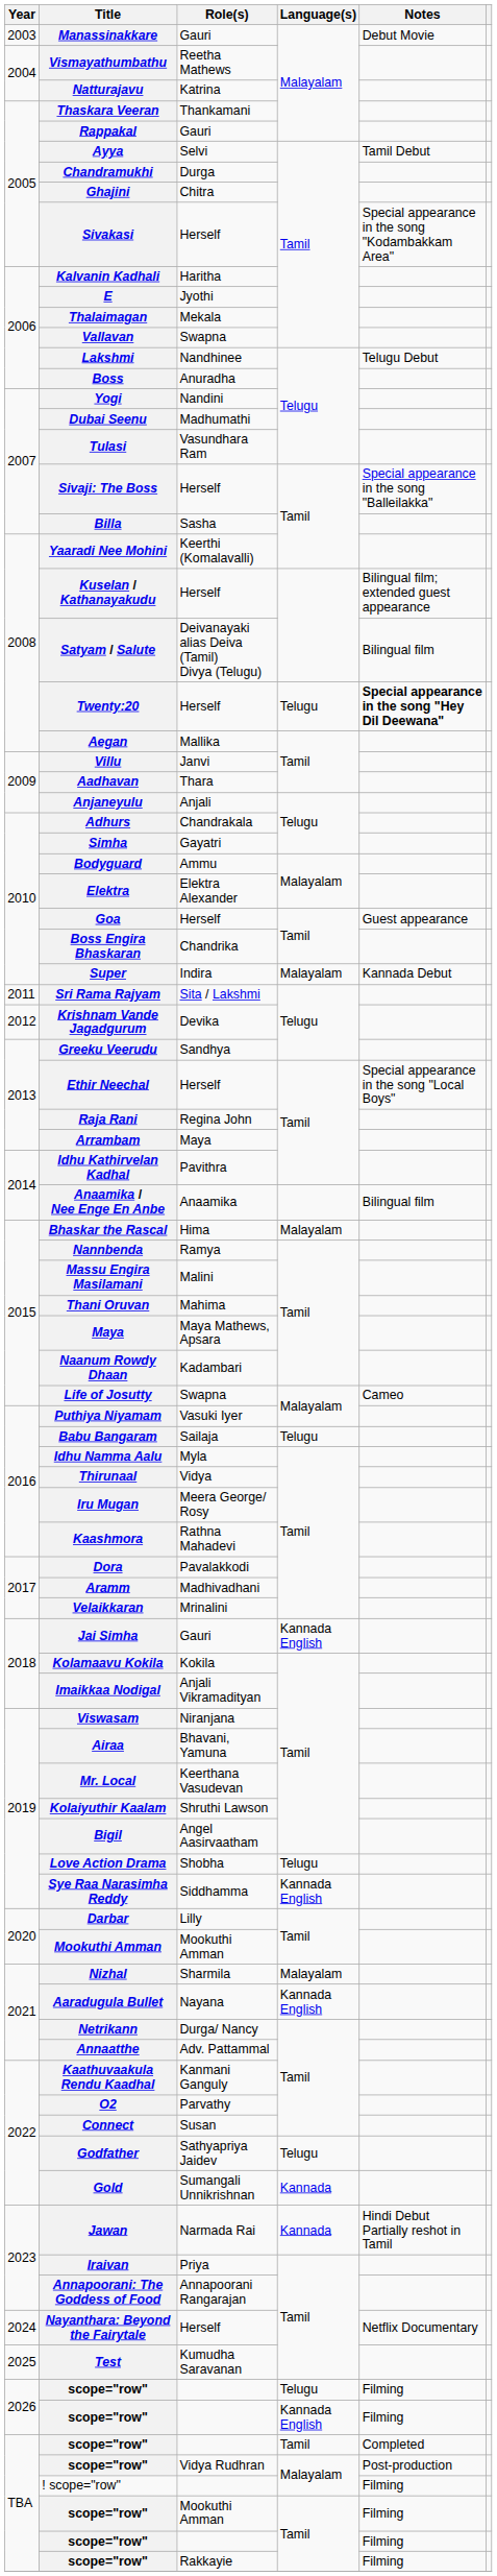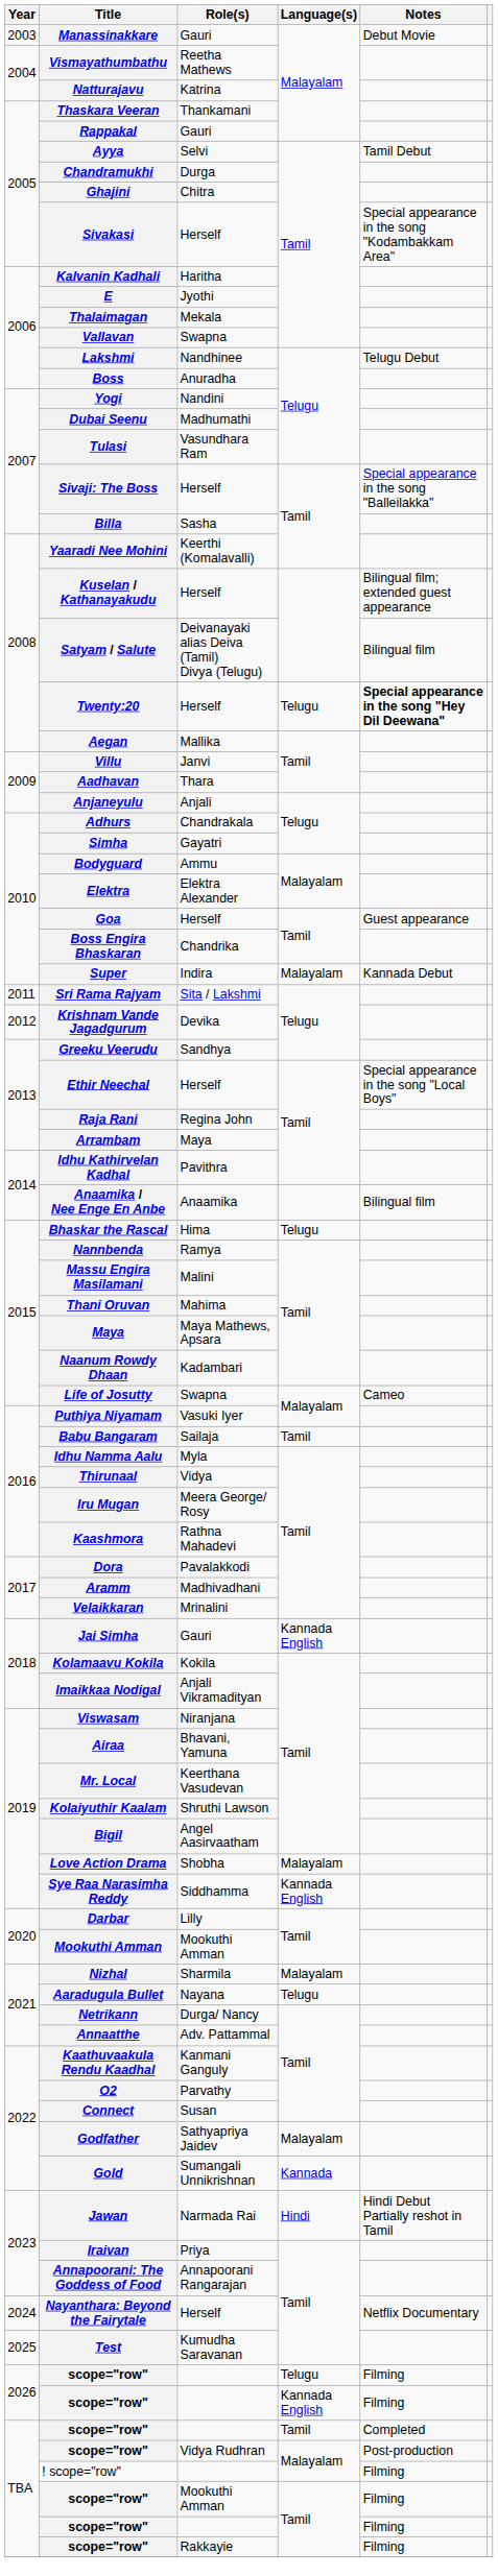 <table class="wikitable plainrowheaders sortable">
 <tr>
 <th scope="col">Year</th>
 <th scope="col">Title</th>
 <th scope="col">Role(s)</th>
 <th scope="col">Language(s)</th>
 <th scope="col" class="unsortable">Notes</th>
 <th scope="col" class="unsortable"></th>
 </tr>
 <tr>
 <td>2003</td>
 <th scope="row"><em><a href='#'>Manassinakkare</a></em></th>
 <td>Gauri</td>
 <td rowspan="5"><a href='#'>Malayalam</a></td>
 <td>Debut Movie</td>
 <td style="text-align: center;"></td>
 </tr>
 <tr>
 <td rowspan="2">2004</td>
 <th scope="row"><em><a href='#'>Vismayathumbathu</a></em></th>
 <td>Reetha Mathews</td>
 <td></td>
 <td style="text-align: center;"></td>
 </tr>
 <tr>
 <th scope="row"><em><a href='#'>Natturajavu</a></em></th>
 <td>Katrina</td>
 <td></td>
 <td style="text-align: center;"></td>
 </tr>
 <tr>
 <td rowspan="6">2005</td>
 <th scope="row"><em><a href='#'>Thaskara Veeran</a></em></th>
 <td>Thankamani</td>
 <td></td>
 <td style="text-align: center;"></td>
 </tr>
 <tr>
 <th scope="row"><em><a href='#'>Rappakal</a></em></th>
 <td>Gauri</td>
 <td></td>
 <td style="text-align: center;"></td>
 </tr>
 <tr>
 <th scope="row"><em><a href='#'>Ayya</a></em></th>
 <td>Selvi</td>
 <td rowspan="8"><a href='#'>Tamil</a></td>
 <td>Tamil Debut</td>
 <td style="text-align: center;"></td>
 </tr>
 <tr>
 <th scope="row"><em><a href='#'>Chandramukhi</a></em></th>
 <td>Durga</td>
 <td></td>
 <td style="text-align: center;"></td>
 </tr>
 <tr>
 <th scope="row"><em><a href='#'>Ghajini</a></em></th>
 <td>Chitra</td>
 <td></td>
 <td style="text-align: center;"></td>
 </tr>
 <tr>
 <th scope="row"><em><a href='#'>Sivakasi</a></em></th>
 <td>Herself</td>
 <td>Special appearance in the song "Kodambakkam Area"</td>
 <td style="text-align: center;"></td>
 </tr>
 <tr>
 <td rowspan="6">2006</td>
 <th scope="row"><em><a href='#'>Kalvanin Kadhali</a></em></th>
 <td>Haritha</td>
 <td></td>
 <td style="text-align: center;"></td>
 </tr>
 <tr>
 <th scope="row"><em><a href='#'>E</a></em></th>
 <td>Jyothi</td>
 <td></td>
 <td style="text-align: center;"></td>
 </tr>
 <tr>
 <th scope="row"><em><a href='#'>Thalaimagan</a></em></th>
 <td>Mekala</td>
 <td></td>
 <td style="text-align: center;"></td>
 </tr>
 <tr>
 <th scope="row"><em><a href='#'>Vallavan</a></em></th>
 <td>Swapna</td>
 <td></td>
 <td style="text-align: center;"></td>
 </tr>
 <tr>
 <th scope="row"><em><a href='#'>Lakshmi</a></em></th>
 <td>Nandhinee</td>
 <td rowspan="5"><a href='#'>Telugu</a></td>
 <td>Telugu Debut</td>
 <td style="text-align: center;"></td>
 </tr>
 <tr>
 <th scope="row"><em><a href='#'>Boss</a></em></th>
 <td>Anuradha</td>
 <td></td>
 <td style="text-align: center;"></td>
 </tr>
 <tr>
 <td rowspan="5">2007</td>
 <th scope="row"><em><a href='#'>Yogi</a></em></th>
 <td>Nandini</td>
 <td></td>
 <td style="text-align: center;"></td>
 </tr>
 <tr>
 <th scope="row"><em><a href='#'>Dubai Seenu</a></em></th>
 <td>Madhumathi</td>
 <td></td>
 <td style="text-align: center;"></td>
 </tr>
 <tr>
 <th scope="row"><em><a href='#'>Tulasi</a></em></th>
 <td>Vasundhara Ram</td>
 <td></td>
 <td style="text-align: center;"></td>
 </tr>
 <tr>
 <th scope="row"><em><a href='#'>Sivaji: The Boss</a></em></th>
 <td>Herself</td>
 <td rowspan="3">Tamil</td>
 <td><a href='#'>Special appearance</a> in the song "Balleilakka"</td>
 <td style="text-align: center;"></td>
 </tr>
 <tr>
 <th scope="row"><em><a href='#'>Billa</a></em></th>
 <td>Sasha</td>
 <td></td>
 <td style="text-align: center;"></td>
 </tr>
 <tr>
 <td rowspan="5">2008</td>
 <th scope="row"><em><a href='#'>Yaaradi Nee Mohini</a></em></th>
 <td>Keerthi (Komalavalli)</td>
 <td></td>
 <td style="text-align: center;"></td>
 </tr>
 <tr>
 <th scope="row"><em><a href='#'>Kuselan</a></em> / <em><a href='#'>Kathanayakudu</a></em></th>
 <td rowspan="1">Herself</td>
 <td rowspan="2"></td>
 <td rowspan="1">Bilingual film; extended guest appearance</td>
 <td rowspan="1" style="text-align: center;"></td>
 </tr>
 <tr>
 <th scope="row"><em><a href='#'>Satyam</a></em> / <em><a href='#'>Salute</a></em></th>
 <td>Deivanayaki alias Deiva (Tamil)<br>Divya (Telugu)</td>
 <td rowspan="1">Bilingual film</td>
 <td style="text-align: center;"></td>
 </tr>
 <tr>
 <th scope="row"><em><a href='#'>Twenty:20</a></em></th>
 <td>Herself</td>
 <td>Telugu</td>
 <td><strong>Special appearance in the song "Hey Dil Deewana"</strong></td>
 <td style="text-align: center;"></td>
 </tr>
 <tr>
 <th scope="row"><em><a href='#'>Aegan</a></em></th>
 <td>Mallika</td>
 <td rowspan="3">Tamil</td>
 <td></td>
 <td style="text-align: center;"></td>
 </tr>
 <tr>
 <td rowspan="3">2009</td>
 <th scope="row"><em><a href='#'>Villu</a></em></th>
 <td>Janvi</td>
 <td></td>
 <td style="text-align: center;"></td>
 </tr>
 <tr>
 <th scope="row"><em><a href='#'>Aadhavan</a></em></th>
 <td>Thara</td>
 <td></td>
 <td style="text-align: center;"></td>
 </tr>
 <tr>
 <th scope="row"><em><a href='#'>Anjaneyulu</a></em></th>
 <td>Anjali</td>
 <td rowspan="3">Telugu</td>
 <td></td>
 <td style="text-align: center;"></td>
 </tr>
 <tr>
 <td rowspan="7">2010</td>
 <th scope="row"><em><a href='#'>Adhurs</a></em></th>
 <td>Chandrakala</td>
 <td></td>
 <td style="text-align: center;"></td>
 </tr>
 <tr>
 <th scope="row"><em><a href='#'>Simha</a></em></th>
 <td>Gayatri</td>
 <td></td>
 <td style="text-align: center;"></td>
 </tr>
 <tr>
 <th scope="row"><em><a href='#'>Bodyguard</a></em></th>
 <td>Ammu</td>
 <td rowspan="2">Malayalam</td>
 <td></td>
 <td style="text-align: center;"></td>
 </tr>
 <tr>
 <th scope="row"><em><a href='#'>Elektra</a></em></th>
 <td>Elektra Alexander</td>
 <td></td>
 <td style="text-align: center;"></td>
 </tr>
 <tr>
 <th scope="row"><em><a href='#'>Goa</a></em></th>
 <td>Herself</td>
 <td rowspan="2">Tamil</td>
 <td>Guest appearance</td>
 <td style="text-align: center;"></td>
 </tr>
 <tr>
 <th scope="row"><em><a href='#'>Boss Engira Bhaskaran</a></em></th>
 <td>Chandrika</td>
 <td></td>
 <td style="text-align: center;"></td>
 </tr>
 <tr>
 <th scope="row"><em><a href='#'>Super</a></em></th>
 <td>Indira</td>
 <td>Malayalam</td>
 <td>Kannada Debut</td>
 <td style="text-align: center;"></td>
 </tr>
 <tr>
 <td>2011</td>
 <th scope="row"><em><a href='#'>Sri Rama Rajyam</a></em></th>
 <td><a href='#'>Sita</a> / <a href='#'>Lakshmi</a></td>
 <td rowspan="3">Telugu</td>
 <td></td>
 <td style="text-align: center;"></td>
 </tr>
 <tr>
 <td>2012</td>
 <th scope="row"><em><a href='#'>Krishnam Vande Jagadgurum</a></em></th>
 <td>Devika</td>
 <td></td>
 <td style="text-align: center;"></td>
 </tr>
 <tr>
 <td rowspan="4">2013</td>
 <th scope="row"><em><a href='#'>Greeku Veerudu</a></em></th>
 <td>Sandhya</td>
 <td></td>
 <td style="text-align: center;"></td>
 </tr>
 <tr>
 <th scope="row"><em><a href='#'>Ethir Neechal</a></em></th>
 <td>Herself</td>
 <td rowspan="4">Tamil</td>
 <td>Special appearance in the song "Local Boys"</td>
 <td style="text-align: center;"></td>
 </tr>
 <tr>
 <th scope="row"><em><a href='#'>Raja Rani</a></em></th>
 <td>Regina John</td>
 <td></td>
 <td style="text-align: center;"></td>
 </tr>
 <tr>
 <th scope="row"><em><a href='#'>Arrambam</a></em></th>
 <td>Maya</td>
 <td></td>
 <td style="text-align: center;"></td>
 </tr>
 <tr>
 <td rowspan="2">2014</td>
 <th scope="row"><em><a href='#'>Idhu Kathirvelan Kadhal</a></em></th>
 <td>Pavithra</td>
 <td></td>
 <td style="text-align: center;"></td>
 </tr>
 <tr>
 <th scope="row"><em><a href='#'>Anaamika</a></em>  /<br><em><a href='#'>Nee Enge En Anbe</a></em></th>
 <td rowspan="1">Anaamika</td>
 <td></td>
 <td rowspan="1">Bilingual film</td>
 <td rowspan="1" style="text-align: center;"></td>
 </tr>
 <tr>
 <td rowspan="7">2015</td>
 <th scope="row"><em><a href='#'>Bhaskar the Rascal</a></em></th>
 <td>Hima</td>
-<td>Malayalam</td>
+<td>Telugu</td>
 <td></td>
 <td style="text-align: center;"></td>
 </tr>
 <tr>
 <th scope="row"><em><a href='#'>Nannbenda</a></em></th>
 <td>Ramya</td>
 <td rowspan="5">Tamil</td>
 <td></td>
 <td style="text-align: center;"></td>
 </tr>
 <tr>
 <th scope="row"><em><a href='#'>Massu Engira Masilamani</a></em></th>
 <td>Malini</td>
 <td></td>
 <td style="text-align: center;"></td>
 </tr>
 <tr>
 <th scope="row"><em><a href='#'>Thani Oruvan</a></em></th>
 <td>Mahima</td>
 <td></td>
 <td style="text-align: center;"></td>
 </tr>
 <tr>
 <th scope="row"><em><a href='#'>Maya</a></em></th>
 <td>Maya Mathews, Apsara</td>
 <td></td>
 <td style="text-align: center;"></td>
 </tr>
 <tr>
 <th scope="row"><em><a href='#'>Naanum Rowdy Dhaan</a></em></th>
 <td>Kadambari</td>
 <td></td>
 <td style="text-align: center;"></td>
 </tr>
 <tr>
 <th scope="row"><em><a href='#'>Life of Josutty</a></em></th>
 <td>Swapna</td>
 <td rowspan="2">Malayalam</td>
 <td>Cameo</td>
 <td style="text-align: center;"></td>
 </tr>
 <tr>
 <td rowspan="6">2016</td>
 <th scope="row"><em><a href='#'>Puthiya Niyamam</a></em></th>
 <td>Vasuki Iyer</td>
 <td></td>
 <td style="text-align: center;"></td>
 </tr>
 <tr>
 <th scope="row"><em><a href='#'>Babu Bangaram</a></em></th>
 <td>Sailaja</td>
-<td>Telugu</td>
+<td>Tamil</td>
 <td></td>
 <td style="text-align: center;"></td>
 </tr>
 <tr>
 <th scope="row"><em><a href='#'>Idhu Namma Aalu</a></em></th>
 <td>Myla</td>
 <td rowspan="7">Tamil</td>
 <td></td>
 <td style="text-align: center;"></td>
 </tr>
 <tr>
 <th scope="row"><em><a href='#'>Thirunaal</a></em></th>
 <td>Vidya</td>
 <td></td>
 <td style="text-align: center;"></td>
 </tr>
 <tr>
 <th scope="row"><em><a href='#'>Iru Mugan</a></em></th>
 <td>Meera George/ Rosy</td>
 <td></td>
 <td style="text-align: center;"></td>
 </tr>
 <tr>
 <th scope="row"><em><a href='#'>Kaashmora</a></em></th>
 <td>Rathna Mahadevi</td>
 <td></td>
 <td style="text-align: center;"></td>
 </tr>
 <tr>
 <td rowspan="3">2017</td>
 <th scope="row"><em><a href='#'>Dora</a></em></th>
 <td>Pavalakkodi</td>
 <td></td>
 <td style="text-align: center;"></td>
 </tr>
 <tr>
 <th scope="row"><em><a href='#'>Aramm</a></em></th>
 <td>Madhivadhani</td>
 <td></td>
 <td style="text-align: center;"></td>
 </tr>
 <tr>
 <th scope="row"><em><a href='#'>Velaikkaran</a></em></th>
 <td>Mrinalini</td>
 <td></td>
 <td style="text-align: center;"></td>
 </tr>
 <tr>
 <td rowspan="3">2018</td>
 <th scope="row"><em><a href='#'>Jai Simha</a></em></th>
 <td>Gauri</td>
 <td>Kannada <br><a href='#'>English</a></td>
 <td></td>
 <td style="text-align: center;"></td>
 </tr>
 <tr>
 <th scope="row"><em><a href='#'>Kolamaavu Kokila</a></em></th>
 <td>Kokila</td>
 <td rowspan="7">Tamil</td>
 <td></td>
 <td style="text-align: center;"></td>
 </tr>
 <tr>
 <th scope="row"><em><a href='#'>Imaikkaa Nodigal</a></em></th>
 <td>Anjali Vikramadityan</td>
 <td></td>
 <td style="text-align: center;"></td>
 </tr>
 <tr>
 <td rowspan="7">2019</td>
 <th scope="row"><em><a href='#'>Viswasam</a></em></th>
 <td>Niranjana</td>
 <td></td>
 <td style="text-align: center;"></td>
 </tr>
 <tr>
 <th scope="row"><em><a href='#'>Airaa</a></em></th>
 <td>Bhavani, Yamuna</td>
 <td></td>
 <td style="text-align: center;"></td>
 </tr>
 <tr>
 <th scope="row"><em><a href='#'>Mr. Local</a></em></th>
 <td>Keerthana Vasudevan</td>
 <td></td>
 <td style="text-align: center;"></td>
 </tr>
 <tr>
 <th scope="row"><em><a href='#'>Kolaiyuthir Kaalam</a></em></th>
 <td>Shruthi Lawson</td>
 <td></td>
 <td style="text-align: center;"></td>
 </tr>
 <tr>
 <th scope="row"><em><a href='#'>Bigil</a></em></th>
 <td>Angel Aasirvaatham</td>
 <td></td>
 <td style="text-align: center;"></td>
 </tr>
 <tr>
 <th scope="row"><em><a href='#'>Love Action Drama</a></em></th>
 <td>Shobha</td>
-<td>Telugu</td>
+<td>Malayalam</td>
 <td></td>
 <td style="text-align: center;"></td>
 </tr>
 <tr>
 <th scope="row"><em><a href='#'>Sye Raa Narasimha Reddy</a></em></th>
 <td>Siddhamma</td>
 <td>Kannada <br><a href='#'>English</a></td>
 <td></td>
 <td style="text-align: center;"></td>
 </tr>
 <tr>
 <td rowspan="2">2020</td>
 <th scope="row"><em><a href='#'>Darbar</a></em></th>
 <td>Lilly</td>
 <td rowspan="2">Tamil</td>
 <td></td>
 <td style="text-align: center;"></td>
 </tr>
 <tr>
 <th scope="row"><em><a href='#'>Mookuthi Amman</a></em></th>
 <td>Mookuthi Amman</td>
 <td></td>
 <td style="text-align: center;"></td>
 </tr>
 <tr>
 <td rowspan="4">2021</td>
 <th scope="row"><em><a href='#'>Nizhal</a></em></th>
 <td>Sharmila</td>
 <td>Malayalam</td>
 <td></td>
 <td style="text-align: center;"></td>
 </tr>
 <tr>
 <th scope="row"><em><a href='#'>Aaradugula Bullet</a></em></th>
 <td>Nayana</td>
-<td>Kannada <br><a href='#'>English</a></td>
+<td>Telugu</td>
 <td></td>
 <td style="text-align: center;"></td>
 </tr>
 <tr>
 <th scope="row"><em><a href='#'>Netrikann</a></em></th>
 <td>Durga/ Nancy</td>
 <td rowspan="5">Tamil</td>
 <td></td>
 <td style="text-align: center;"></td>
 </tr>
 <tr>
 <th scope="row"><em><a href='#'>Annaatthe</a></em></th>
 <td>Adv. Pattammal</td>
 <td></td>
 <td style="text-align: center;"></td>
 </tr>
 <tr>
 <td rowspan="5">2022</td>
 <th scope="row"><em><a href='#'>Kaathuvaakula Rendu Kaadhal</a></em></th>
 <td>Kanmani Ganguly</td>
 <td></td>
 <td style="text-align: center;"></td>
 </tr>
 <tr>
 <th scope="row"><em><a href='#'>O2</a></em></th>
 <td>Parvathy</td>
 <td></td>
 <td style="text-align: center;"></td>
 </tr>
 <tr>
 <th scope="row"><em><a href='#'>Connect</a></em></th>
 <td>Susan</td>
 <td></td>
 <td style="text-align: center;"></td>
 </tr>
 <tr>
 <th scope="row"><em><a href='#'>Godfather</a></em></th>
 <td>Sathyapriya Jaidev</td>
-<td>Telugu</td>
+<td>Malayalam</td>
 <td></td>
 <td style="text-align: center;"></td>
 </tr>
 <tr>
 <th scope="row"><em><a href='#'>Gold</a></em></th>
 <td>Sumangali Unnikrishnan</td>
 <td><a href='#'>Kannada</a></td>
 <td></td>
 <td style="text-align: center;"></td>
 </tr>
 <tr>
 <td rowspan="3">2023</td>
 <th scope="row"><em><a href='#'>Jawan</a></em></th>
 <td>Narmada Rai</td>
-<td><a href='#'>Kannada</a></td>
+<td><a href='#'>Hindi</a></td>
 <td>Hindi Debut<br>Partially reshot in Tamil</td>
 <td style="text-align: center;"></td>
 </tr>
 <tr>
 <th scope="row"><em><a href='#'>Iraivan</a></em></th>
 <td>Priya</td>
 <td rowspan="4">Tamil</td>
 <td></td>
 <td style="text-align: center;"></td>
 </tr>
 <tr>
 <th scope="row"><em><a href='#'>Annapoorani: The Goddess of Food</a></em></th>
 <td>Annapoorani Rangarajan</td>
 <td></td>
 <td style="text-align: center;"></td>
 </tr>
 <tr>
 <td rowspan="1">2024</td>
 <th scope="row"><em><a href='#'>Nayanthara: Beyond the Fairytale</a></em></th>
 <td>Herself</td>
 <td>Netflix Documentary</td>
 <td></td>
 </tr>
 <tr>
 <td rowspan="1">2025</td>
 <th scope="row"><em><a href='#'>Test</a></em></th>
 <td>Kumudha Saravanan</td>
 <td></td>
 <td style="text-align: center;"></td>
 </tr>
 <tr>
 <td rowspan="2">2026</td>
 <th>scope="row" </th>
 <td></td>
 <td>Telugu</td>
 <td>Filming</td>
 <td style="text-align: center;"></td>
 </tr>
 <tr>
 <th>scope="row" </th>
 <td></td>
 <td>Kannada <br><a href='#'>English</a></td>
 <td>Filming</td>
 <td style="text-align: center;"></td>
 </tr>
 <tr>
 <td rowspan="6">TBA</td>
 <th>scope="row" </th>
 <td></td>
 <td>Tamil</td>
 <td>Completed</td>
 <td style="text-align: center;"></td>
 </tr>
 <tr>
 <th>scope="row" </th>
 <td>Vidya Rudhran</td>
 <td rowspan="2">Malayalam</td>
 <td>Post-production</td>
 <td style="text-align: center;"></td>
 </tr>
 <tr>
 <td>! scope="row" </td>
 <td></td>
 <td>Filming</td>
 <td style="text-align: center;"></td>
 </tr>
 <tr>
 <th>scope="row" </th>
 <td>Mookuthi Amman</td>
 <td rowspan="3">Tamil</td>
 <td>Filming</td>
 <td style="text-align: center;"></td>
 </tr>
 <tr>
 <th>scope="row" </th>
 <td></td>
 <td>Filming</td>
 <td style="text-align: center;"></td>
 </tr>
 <tr>
 <th>scope="row" </th>
 <td>Rakkayie</td>
 <td>Filming</td>
 <td style="text-align: center;"></td>
 </tr>
 <tr>
 </tr>
 </table>
